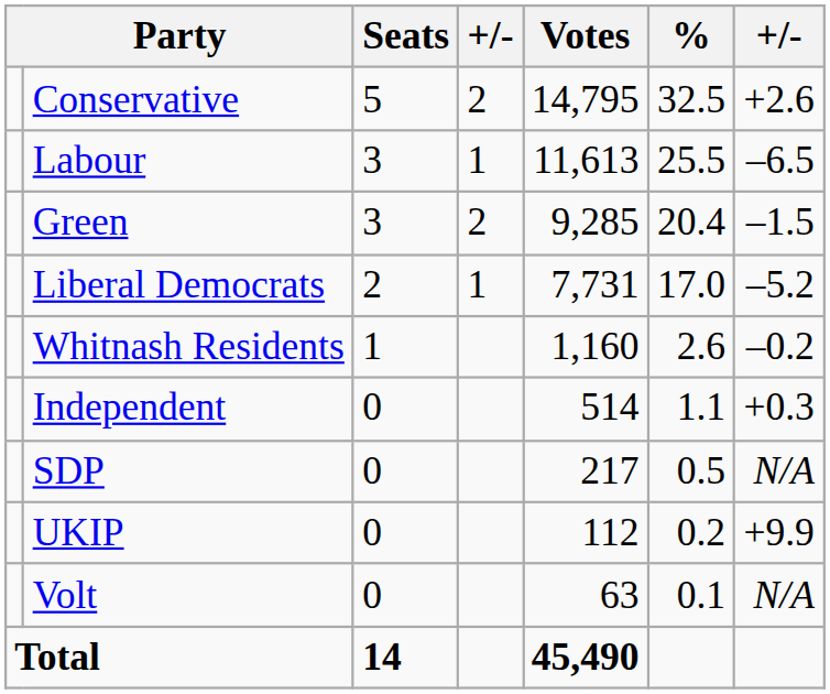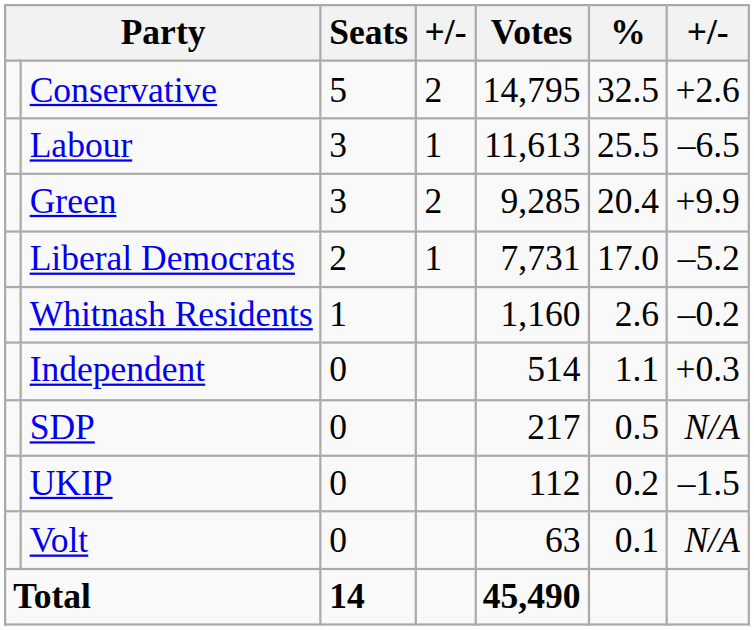 <table class="wikitable sortable">
 <tr>
 <th colspan="2">Party</th>
 <th>Seats</th>
 <th>+/-</th>
 <th>Votes</th>
 <th>%</th>
 <th>+/-</th>
 </tr>
 <tr>
 <td style="background-color: "></td>
 <td><a href='#'>Conservative</a></td>
 <td>5</td>
 <td> 2</td>
 <td style="text-align:right;">14,795</td>
 <td style="text-align:right;">32.5</td>
 <td style="text-align:right;">+2.6</td>
 </tr>
 <tr>
 <td style="background-color: "></td>
 <td><a href='#'>Labour</a></td>
 <td>3</td>
 <td> 1</td>
 <td style="text-align:right;">11,613</td>
 <td style="text-align:right;">25.5</td>
 <td style="text-align:right;">–6.5</td>
 </tr>
 <tr>
 <td style="background-color: "></td>
 <td><a href='#'>Green</a></td>
 <td>3</td>
 <td> 2</td>
 <td style="text-align:right;">9,285</td>
 <td style="text-align:right;">20.4</td>
-<td style="text-align:right;">–1.5</td>
+<td style="text-align:right;">+9.9</td>
 </tr>
 <tr>
 <td style="background-color: "></td>
 <td><a href='#'>Liberal Democrats</a></td>
 <td>2</td>
 <td> 1</td>
 <td style="text-align:right;">7,731</td>
 <td style="text-align:right;">17.0</td>
 <td style="text-align:right;">–5.2</td>
 </tr>
 <tr>
 <td style="background-color: "></td>
 <td><a href='#'>Whitnash Residents</a></td>
 <td>1</td>
 <td></td>
 <td style="text-align:right;">1,160</td>
 <td style="text-align:right;">2.6</td>
 <td style="text-align:right;">–0.2</td>
 </tr>
 <tr>
 <td style="background-color: "></td>
 <td><a href='#'>Independent</a></td>
 <td>0</td>
 <td></td>
 <td style="text-align:right;">514</td>
 <td style="text-align:right;">1.1</td>
 <td style="text-align:right;">+0.3</td>
 </tr>
 <tr>
 <td style="background-color: "></td>
 <td><a href='#'>SDP</a></td>
 <td>0</td>
 <td></td>
 <td style="text-align:right;">217</td>
 <td style="text-align:right;">0.5</td>
 <td style="text-align:right;"><em>N/A</em></td>
 </tr>
 <tr>
 <td style="background-color: "></td>
 <td><a href='#'>UKIP</a></td>
 <td>0</td>
 <td></td>
 <td style="text-align:right;">112</td>
 <td style="text-align:right;">0.2</td>
-<td style="text-align:right;">+9.9</td>
+<td style="text-align:right;">–1.5</td>
 </tr>
 <tr>
 <td style="background-color: "></td>
 <td><a href='#'>Volt</a></td>
 <td>0</td>
 <td></td>
 <td style="text-align:right;">63</td>
 <td style="text-align:right;">0.1</td>
 <td style="text-align:right;"><em>N/A</em></td>
 </tr>
 <tr>
 <td colspan="2"><strong>Total</strong></td>
 <td><strong>14</strong></td>
 <td></td>
 <td style="text-align:right;"><strong>45,490</strong></td>
 <td style="text-align:right;"></td>
 <td style="text-align:right;"></td>
 </tr>
 </table>
